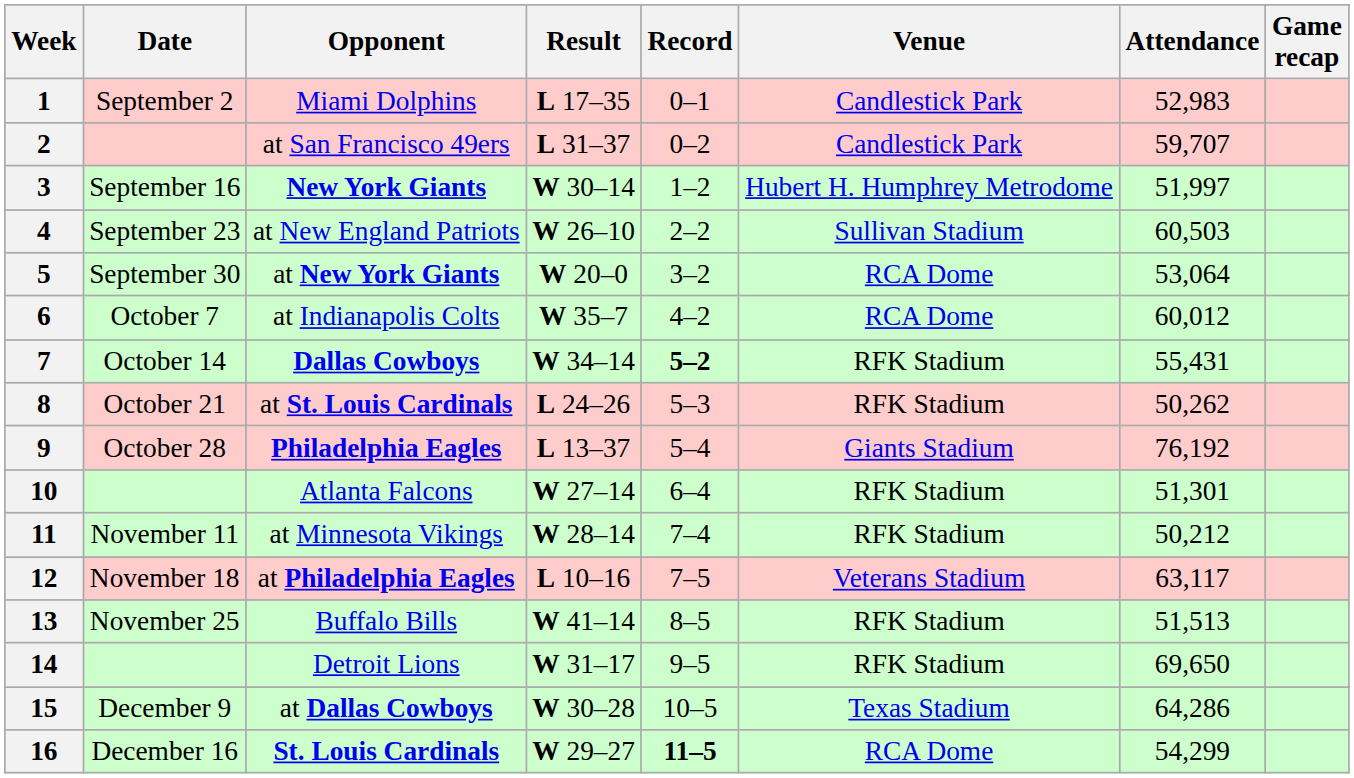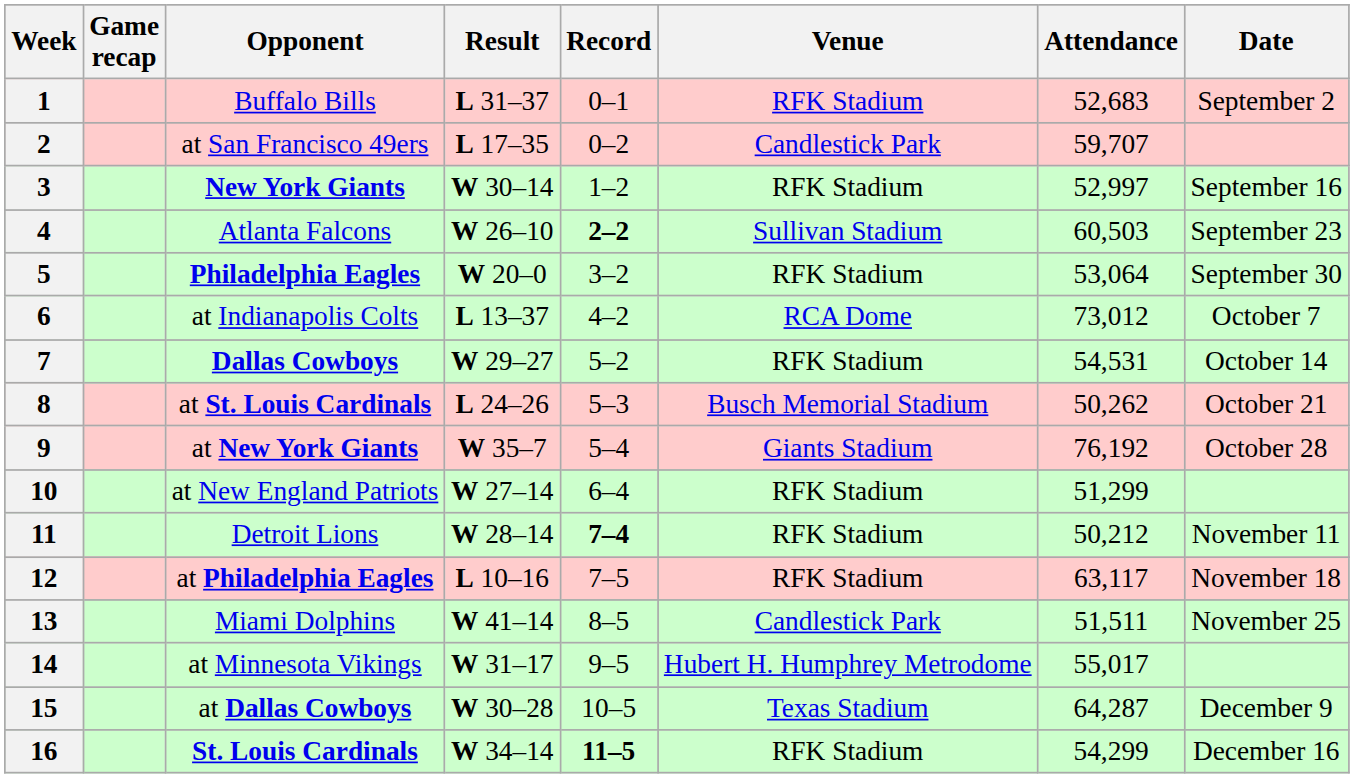 <table class="wikitable" style="text-align:center">
 <tr>
 <th>Week</th>
-<th>Date</th>
+<th>Game<br>recap</th>
 <th>Opponent</th>
 <th>Result</th>
 <th>Record</th>
 <th>Venue</th>
 <th>Attendance</th>
-<th>Game<br>recap</th>
+<th>Date</th>
 </tr>
 <tr style="background:#fcc">
 <th>1</th>
+<td></td>
+<td><a href='#'>Buffalo Bills</a></td>
+<td><strong>L</strong> 31–37</td>
+<td>0–1</td>
+<td><a href='#'>RFK Stadium</a></td>
+<td>52,683</td>
 <td>September 2</td>
-<td><a href='#'>Miami Dolphins</a></td>
-<td><strong>L</strong> 17–35</td>
-<td>0–1</td>
-<td><a href='#'>Candlestick Park</a></td>
-<td>52,983</td>
-<td></td>
 </tr>
 <tr style="background:#fcc">
 <th>2</th>
 <td></td>
 <td>at <a href='#'>San Francisco 49ers</a></td>
-<td><strong>L</strong> 31–37</td>
+<td><strong>L</strong> 17–35</td>
 <td>0–2</td>
 <td><a href='#'>Candlestick Park</a></td>
 <td>59,707</td>
 <td></td>
 </tr>
 <tr style="background:#cfc">
 <th>3</th>
-<td>September 16</td>
+<td></td>
 <td><strong><a href='#'>New York Giants</a></strong></td>
 <td><strong>W</strong> 30–14</td>
 <td>1–2</td>
-<td><a href='#'>Hubert H. Humphrey Metrodome</a></td>
-<td>51,997</td>
-<td></td>
+<td>RFK Stadium</td>
+<td>52,997</td>
+<td>September 16</td>
 </tr>
 <tr style="background:#cfc">
 <th>4</th>
-<td>September 23</td>
-<td>at <a href='#'>New England Patriots</a></td>
+<td></td>
+<td><a href='#'>Atlanta Falcons</a></td>
 <td><strong>W</strong> 26–10</td>
-<td>2–2</td>
+<td><strong>2–2</strong></td>
 <td><a href='#'>Sullivan Stadium</a></td>
 <td>60,503</td>
-<td></td>
+<td>September 23</td>
 </tr>
 <tr style="background:#cfc">
 <th>5</th>
-<td>September 30</td>
-<td>at <strong><a href='#'>New York Giants</a></strong></td>
+<td></td>
+<td><strong><a href='#'>Philadelphia Eagles</a></strong></td>
 <td><strong>W</strong> 20–0</td>
 <td>3–2</td>
-<td><a href='#'>RCA Dome</a></td>
+<td>RFK Stadium</td>
 <td>53,064</td>
-<td></td>
+<td>September 30</td>
 </tr>
 <tr style="background:#cfc">
 <th>6</th>
-<td>October 7</td>
+<td></td>
 <td>at <a href='#'>Indianapolis Colts</a></td>
-<td><strong>W</strong> 35–7</td>
+<td><strong>L</strong> 13–37</td>
 <td>4–2</td>
 <td><a href='#'>RCA Dome</a></td>
-<td>60,012</td>
-<td></td>
+<td>73,012</td>
+<td>October 7</td>
 </tr>
 <tr style="background:#cfc">
 <th>7</th>
+<td></td>
+<td><strong><a href='#'>Dallas Cowboys</a></strong></td>
+<td><strong>W</strong> 29–27</td>
+<td>5–2</td>
+<td>RFK Stadium</td>
+<td>54,531</td>
 <td>October 14</td>
-<td><strong><a href='#'>Dallas Cowboys</a></strong></td>
-<td><strong>W</strong> 34–14</td>
-<td><strong>5–2</strong></td>
-<td>RFK Stadium</td>
-<td>55,431</td>
-<td></td>
 </tr>
 <tr style="background:#fcc">
 <th>8</th>
-<td>October 21</td>
+<td></td>
 <td>at <strong><a href='#'>St. Louis Cardinals</a></strong></td>
 <td><strong>L</strong> 24–26</td>
 <td>5–3</td>
-<td>RFK Stadium</td>
+<td><a href='#'>Busch Memorial Stadium</a></td>
 <td>50,262</td>
-<td></td>
+<td>October 21</td>
 </tr>
 <tr style="background:#fcc">
 <th>9</th>
-<td>October 28</td>
-<td><strong><a href='#'>Philadelphia Eagles</a></strong></td>
-<td><strong>L</strong> 13–37</td>
+<td></td>
+<td>at <strong><a href='#'>New York Giants</a></strong></td>
+<td><strong>W</strong> 35–7</td>
 <td>5–4</td>
 <td><a href='#'>Giants Stadium</a></td>
 <td>76,192</td>
-<td></td>
+<td>October 28</td>
 </tr>
 <tr style="background:#cfc">
 <th>10</th>
-<td><a href='#'></a></td>
-<td><a href='#'>Atlanta Falcons</a></td>
+<td></td>
+<td>at <a href='#'>New England Patriots</a></td>
 <td><strong>W</strong> 27–14</td>
 <td>6–4</td>
 <td>RFK Stadium</td>
-<td>51,301</td>
-<td></td>
+<td>51,299</td>
+<td><a href='#'></a></td>
 </tr>
 <tr style="background:#cfc">
 <th>11</th>
-<td>November 11</td>
-<td>at <a href='#'>Minnesota Vikings</a></td>
+<td></td>
+<td><a href='#'>Detroit Lions</a></td>
 <td><strong>W</strong> 28–14</td>
-<td>7–4</td>
+<td><strong>7–4</strong></td>
 <td>RFK Stadium</td>
 <td>50,212</td>
-<td></td>
+<td>November 11</td>
 </tr>
 <tr style="background:#fcc">
 <th>12</th>
-<td>November 18</td>
+<td></td>
 <td>at <strong><a href='#'>Philadelphia Eagles</a></strong></td>
 <td><strong>L</strong> 10–16</td>
 <td>7–5</td>
-<td><a href='#'>Veterans Stadium</a></td>
+<td>RFK Stadium</td>
 <td>63,117</td>
-<td></td>
+<td>November 18</td>
 </tr>
 <tr style="background:#cfc">
 <th>13</th>
-<td>November 25</td>
-<td><a href='#'>Buffalo Bills</a></td>
+<td></td>
+<td><a href='#'>Miami Dolphins</a></td>
 <td><strong>W</strong> 41–14</td>
 <td>8–5</td>
-<td>RFK Stadium</td>
-<td>51,513</td>
-<td></td>
+<td><a href='#'>Candlestick Park</a></td>
+<td>51,511</td>
+<td>November 25</td>
 </tr>
 <tr style="background:#cfc">
 <th>14</th>
 <td></td>
-<td><a href='#'>Detroit Lions</a></td>
+<td>at <a href='#'>Minnesota Vikings</a></td>
 <td><strong>W</strong> 31–17</td>
 <td>9–5</td>
-<td>RFK Stadium</td>
-<td>69,650</td>
+<td><a href='#'>Hubert H. Humphrey Metrodome</a></td>
+<td>55,017</td>
 <td></td>
 </tr>
 <tr style="background:#cfc">
 <th>15</th>
-<td>December 9</td>
+<td></td>
 <td>at <strong><a href='#'>Dallas Cowboys</a></strong></td>
 <td><strong>W</strong> 30–28</td>
 <td>10–5</td>
 <td><a href='#'>Texas Stadium</a></td>
-<td>64,286</td>
-<td></td>
+<td>64,287</td>
+<td>December 9</td>
 </tr>
 <tr style="background:#cfc">
 <th>16</th>
+<td></td>
+<td><strong><a href='#'>St. Louis Cardinals</a></strong></td>
+<td><strong>W</strong> 34–14</td>
+<td><strong>11–5</strong></td>
+<td>RFK Stadium</td>
+<td>54,299</td>
 <td>December 16</td>
-<td><strong><a href='#'>St. Louis Cardinals</a></strong></td>
-<td><strong>W</strong> 29–27</td>
-<td><strong>11–5</strong></td>
-<td><a href='#'>RCA Dome</a></td>
-<td>54,299</td>
-<td></td>
 </tr>
 </table>
